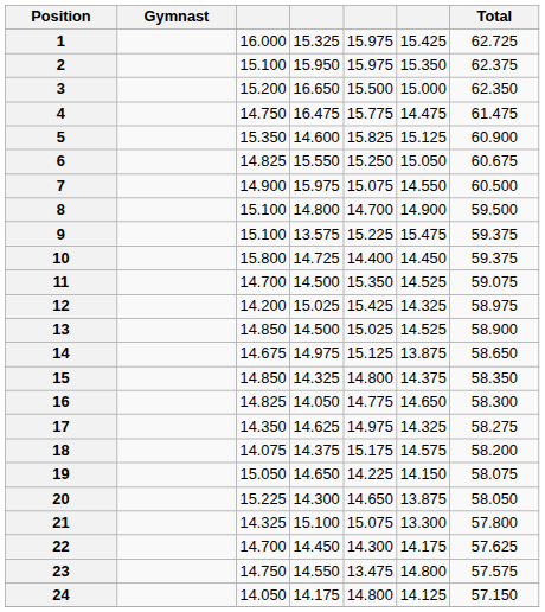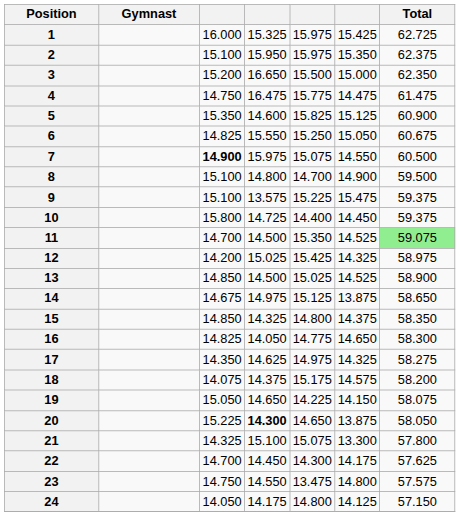 <table class="wikitable sortable" style="text-align:center; ">
 <tr>
 <th>Position</th>
 <th>Gymnast</th>
 <th width="10%"></th>
 <th width="10%"></th>
 <th width="10%"></th>
 <th width="10%"></th>
 <th>Total</th>
 </tr>
 <tr>
 <th>1</th>
 <td align="left"></td>
 <td>16.000</td>
 <td>15.325</td>
 <td>15.975</td>
 <td>15.425</td>
 <td>62.725</td>
 </tr>
 <tr>
 <th>2</th>
 <td align="left"></td>
 <td>15.100</td>
 <td>15.950</td>
 <td>15.975</td>
 <td>15.350</td>
 <td>62.375</td>
 </tr>
 <tr>
 <th>3</th>
 <td align="left"></td>
 <td>15.200</td>
 <td>16.650</td>
 <td>15.500</td>
 <td>15.000</td>
 <td>62.350</td>
 </tr>
 <tr>
 <th>4</th>
 <td align="left"></td>
 <td>14.750</td>
 <td>16.475</td>
 <td>15.775</td>
 <td>14.475</td>
 <td>61.475</td>
 </tr>
 <tr>
 <th>5</th>
 <td align="left"></td>
 <td>15.350</td>
 <td>14.600</td>
 <td>15.825</td>
 <td>15.125</td>
 <td>60.900</td>
 </tr>
 <tr>
 <th>6</th>
 <td align="left"></td>
 <td>14.825</td>
 <td>15.550</td>
 <td>15.250</td>
 <td>15.050</td>
 <td>60.675</td>
 </tr>
 <tr>
 <th>7</th>
 <td align="left"></td>
-<td>14.900</td>
+<td><strong>14.900</strong></td>
 <td>15.975</td>
 <td>15.075</td>
 <td>14.550</td>
 <td>60.500</td>
 </tr>
 <tr>
 <th>8</th>
 <td align="left"></td>
 <td>15.100</td>
 <td>14.800</td>
 <td>14.700</td>
 <td>14.900</td>
 <td>59.500</td>
 </tr>
 <tr>
 <th>9</th>
 <td align="left"></td>
 <td>15.100</td>
 <td>13.575</td>
 <td>15.225</td>
 <td>15.475</td>
 <td>59.375</td>
 </tr>
 <tr>
 <th>10</th>
 <td align="left"></td>
 <td>15.800</td>
 <td>14.725</td>
 <td>14.400</td>
 <td>14.450</td>
 <td>59.375</td>
 </tr>
 <tr>
 <th>11</th>
 <td align="left"></td>
 <td>14.700</td>
 <td>14.500</td>
 <td>15.350</td>
 <td>14.525</td>
-<td>59.075</td>
+<td style="background: lightgreen;">59.075</td>
 </tr>
 <tr>
 <th>12</th>
 <td align="left"></td>
 <td>14.200</td>
 <td>15.025</td>
 <td>15.425</td>
 <td>14.325</td>
 <td>58.975</td>
 </tr>
 <tr>
 <th>13</th>
 <td align="left"></td>
 <td>14.850</td>
 <td>14.500</td>
 <td>15.025</td>
 <td>14.525</td>
 <td>58.900</td>
 </tr>
 <tr>
 <th>14</th>
 <td align="left"></td>
 <td>14.675</td>
 <td>14.975</td>
 <td>15.125</td>
 <td>13.875</td>
 <td>58.650</td>
 </tr>
 <tr>
 <th>15</th>
 <td align="left"></td>
 <td>14.850</td>
 <td>14.325</td>
 <td>14.800</td>
 <td>14.375</td>
 <td>58.350</td>
 </tr>
 <tr>
 <th>16</th>
 <td align="left"></td>
 <td>14.825</td>
 <td>14.050</td>
 <td>14.775</td>
 <td>14.650</td>
 <td>58.300</td>
 </tr>
 <tr>
 <th>17</th>
 <td align="left"></td>
 <td>14.350</td>
 <td>14.625</td>
 <td>14.975</td>
 <td>14.325</td>
 <td>58.275</td>
 </tr>
 <tr>
 <th>18</th>
 <td align="left"></td>
 <td>14.075</td>
 <td>14.375</td>
 <td>15.175</td>
 <td>14.575</td>
 <td>58.200</td>
 </tr>
 <tr>
 <th>19</th>
 <td align="left"></td>
 <td>15.050</td>
 <td>14.650</td>
 <td>14.225</td>
 <td>14.150</td>
 <td>58.075</td>
 </tr>
 <tr>
 <th>20</th>
 <td align="left"></td>
 <td>15.225</td>
-<td>14.300</td>
+<td><strong>14.300</strong></td>
 <td>14.650</td>
 <td>13.875</td>
 <td>58.050</td>
 </tr>
 <tr>
 <th>21</th>
 <td align="left"></td>
 <td>14.325</td>
 <td>15.100</td>
 <td>15.075</td>
 <td>13.300</td>
 <td>57.800</td>
 </tr>
 <tr>
 <th>22</th>
 <td align="left"></td>
 <td>14.700</td>
 <td>14.450</td>
 <td>14.300</td>
 <td>14.175</td>
 <td>57.625</td>
 </tr>
 <tr>
 <th>23</th>
 <td align="left"></td>
 <td>14.750</td>
 <td>14.550</td>
 <td>13.475</td>
 <td>14.800</td>
 <td>57.575</td>
 </tr>
 <tr>
 <th>24</th>
 <td align="left"></td>
 <td>14.050</td>
 <td>14.175</td>
 <td>14.800</td>
 <td>14.125</td>
 <td>57.150</td>
 </tr>
 <tr>
 </tr>
 </table>
